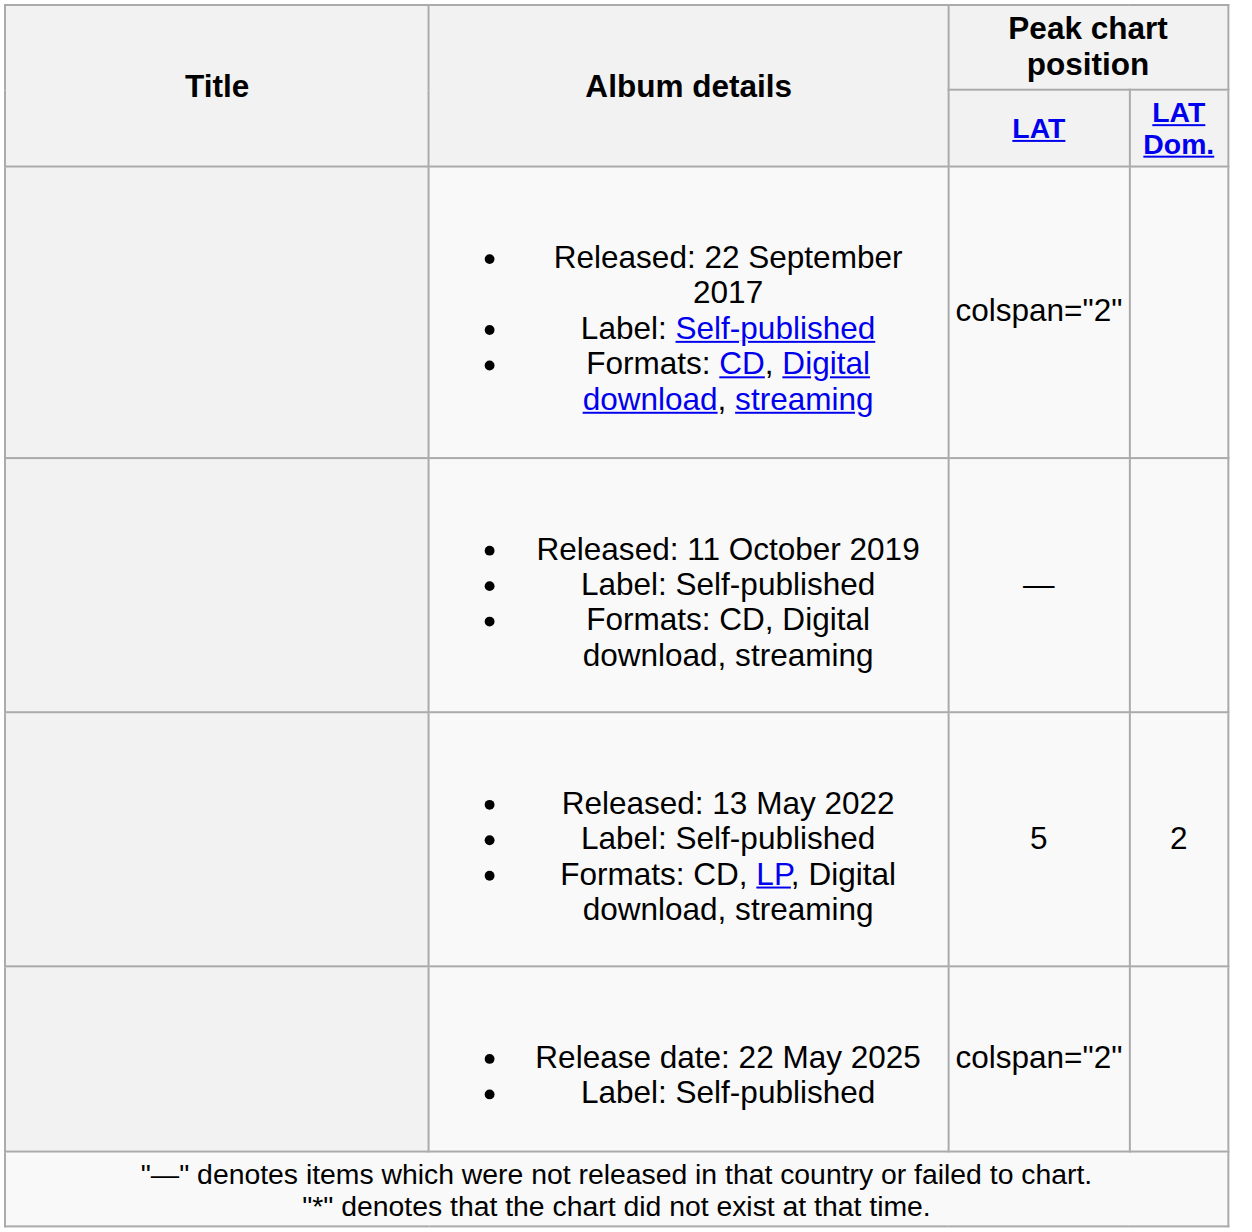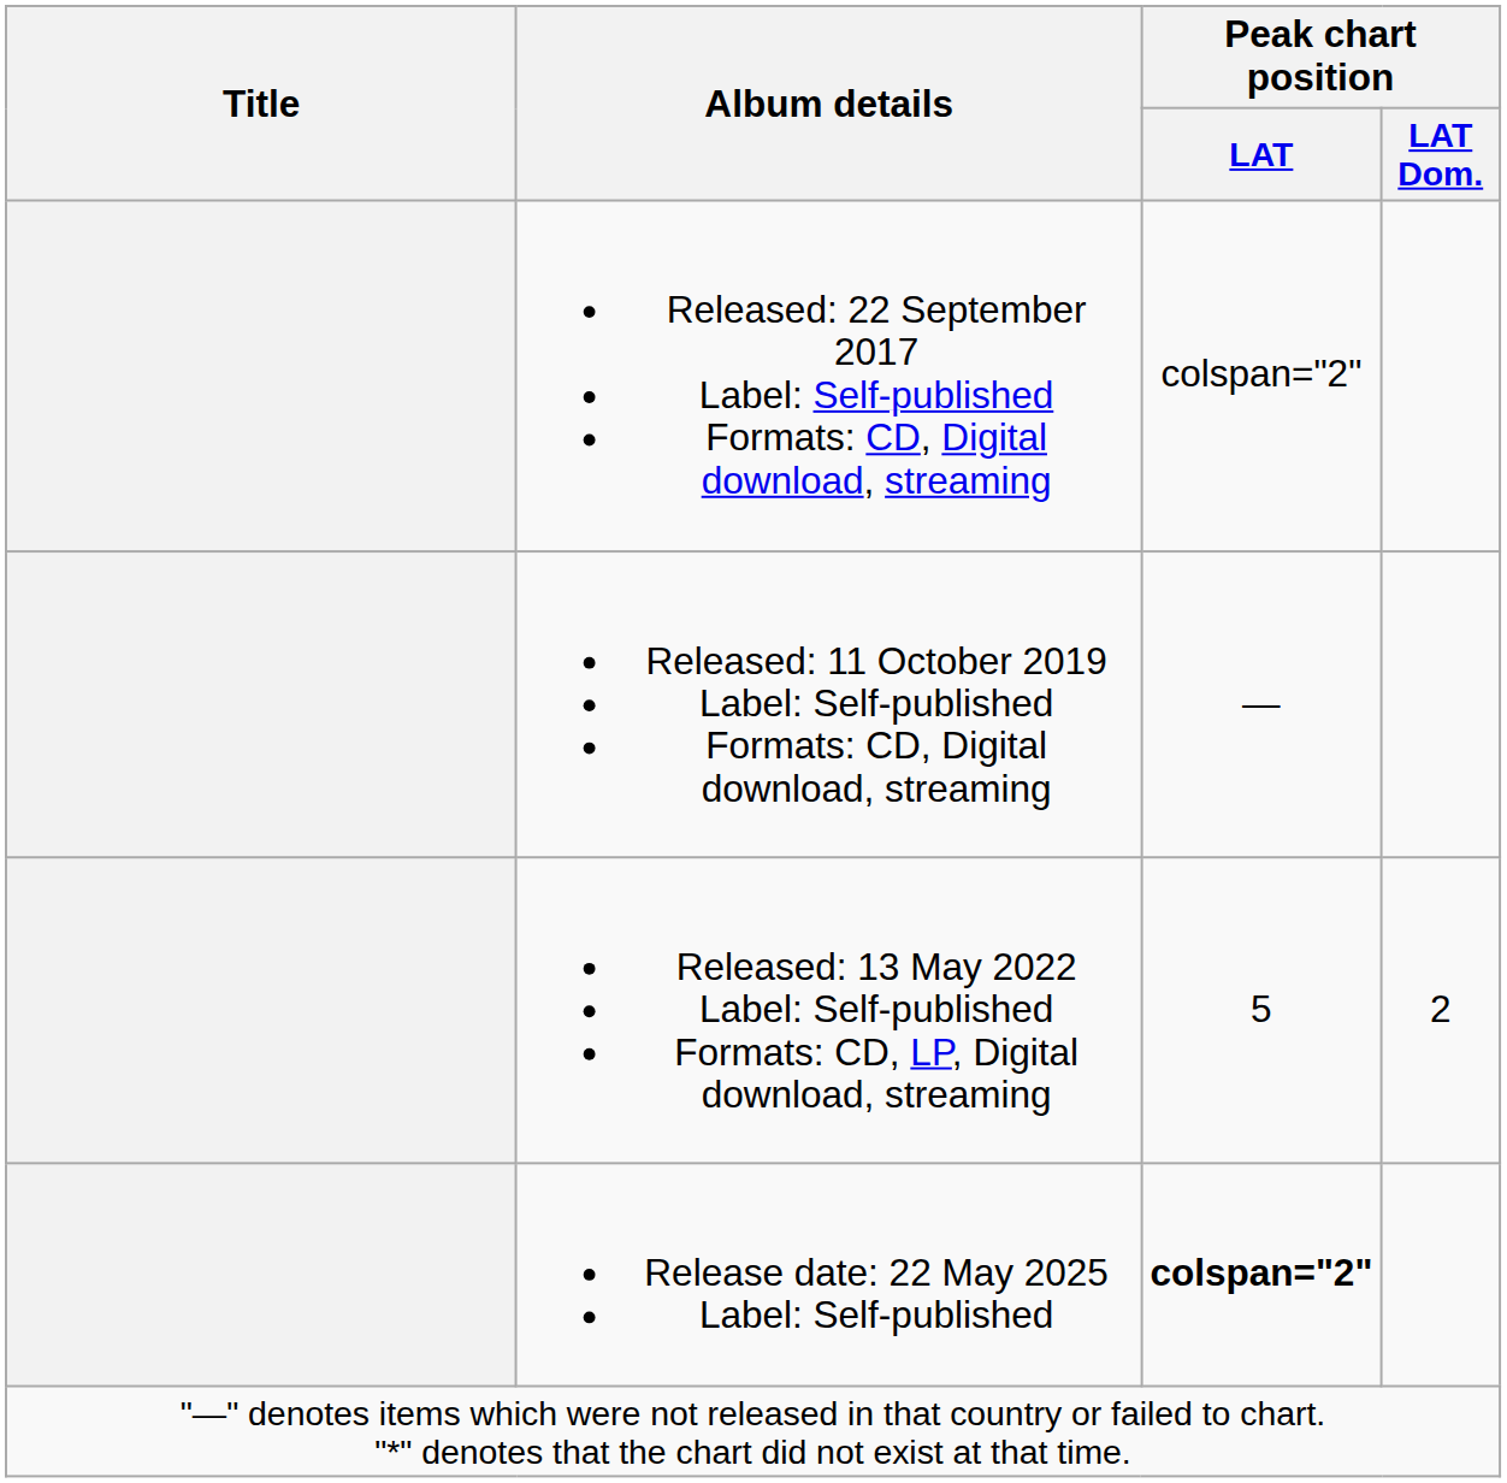 <table class="wikitable plainrowheaders" style="text-align:center;">
 <tr>
 <th rowspan="2" scope="col" style="width:13em;">Title</th>
 <th rowspan="2" scope="col" style="width:16em;">Album details</th>
 <th colspan="2">Peak chart position</th>
 </tr>
 <tr>
 <th scope="col" style="width:3em;font-size:90%;"><a href='#'>LAT</a><br></th>
 <th scope="col" style="width:3em;font-size:90%;"><a href='#'>LAT<br>Dom.</a><br></th>
 </tr>
 <tr>
 <th scope="row"></th>
 <td><br><ul><li>Released: 22 September 2017</li><li>Label: <a href='#'>Self-published</a></li><li>Formats: <a href='#'>CD</a>, <a href='#'>Digital download</a>, <a href='#'>streaming</a></li></ul></td>
 <td>colspan="2" </td>
 </tr>
 <tr>
 <th scope="row"></th>
 <td><br><ul><li>Released: 11 October 2019</li><li>Label: Self-published</li><li>Formats: CD, Digital download, streaming</li></ul></td>
 <td>—</td>
 <td></td>
 </tr>
 <tr>
 <th scope="row"></th>
 <td><br><ul><li>Released: 13 May 2022</li><li>Label: Self-published</li><li>Formats: CD, <a href='#'>LP</a>, Digital download, streaming</li></ul></td>
 <td>5</td>
 <td>2</td>
 </tr>
 <tr>
 <th scope="row"></th>
 <td><br><ul><li>Release date: 22 May 2025</li><li>Label: Self-published</li></ul></td>
-<td>colspan="2" </td>
+<td><strong>colspan="2" </strong></td>
 </tr>
 <tr>
 <td colspan="4" style="font-size:90%;">"—" denotes items which were not released in that country or failed to chart.<br>"*" denotes that the chart did not exist at that time.</td>
 </tr>
 </table>
